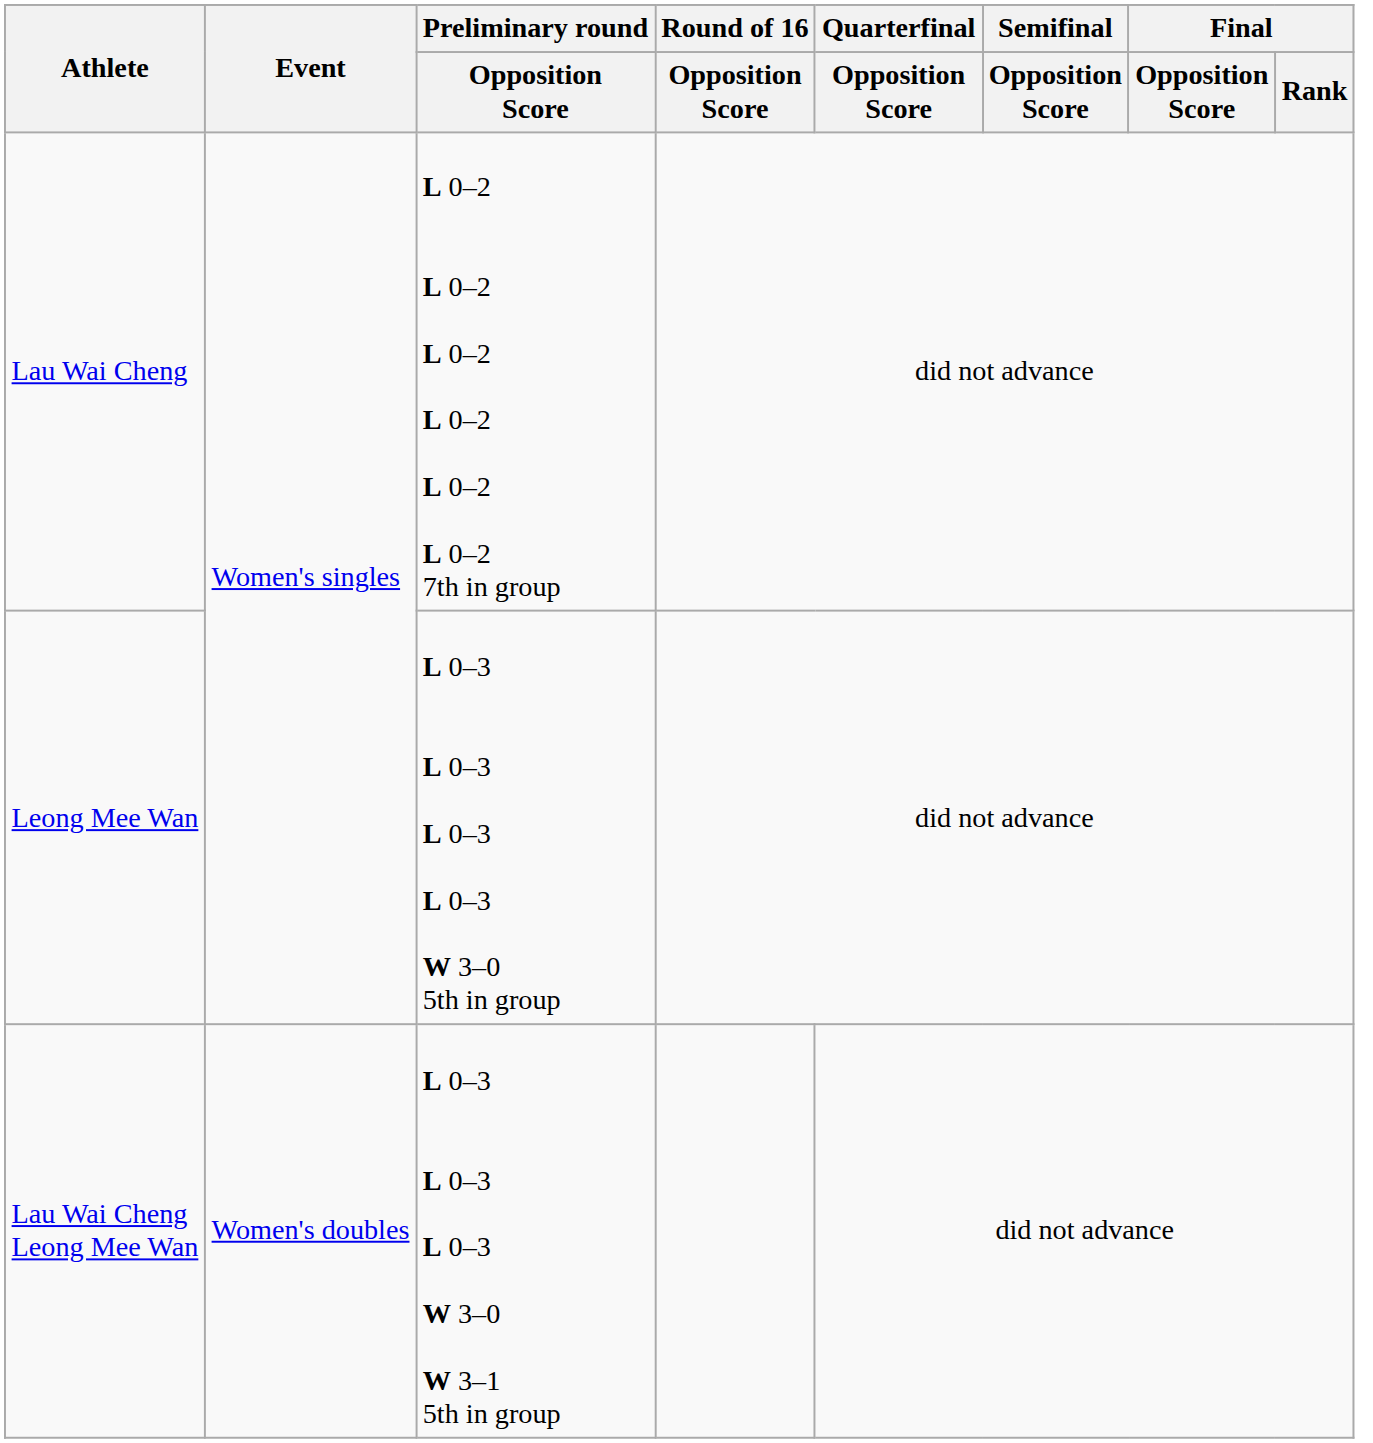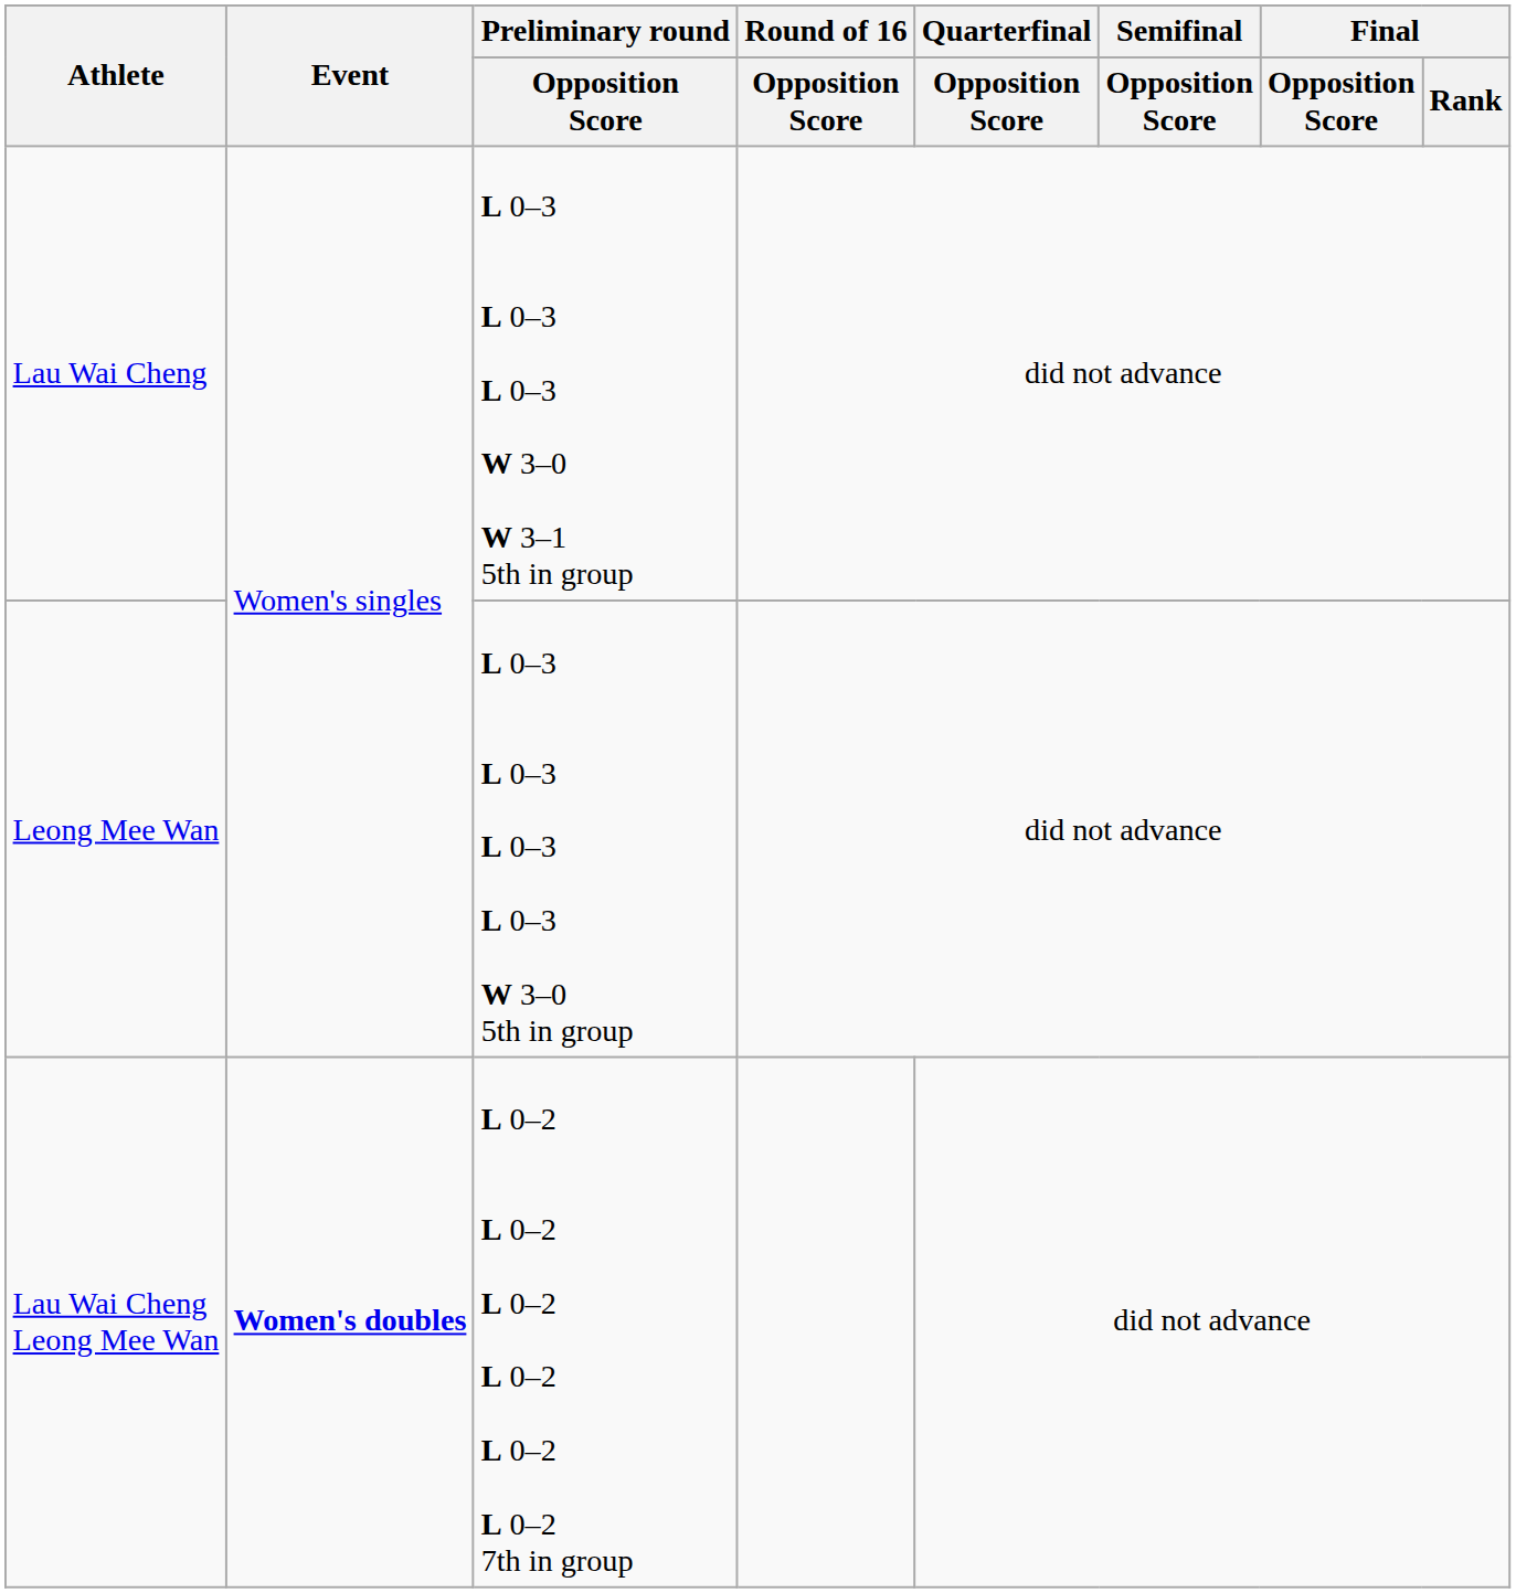 <table class=wikitable style="font-size:90%">
 <tr>
 <th rowspan=2>Athlete</th>
 <th rowspan=2>Event</th>
 <th>Preliminary round</th>
 <th>Round of 16</th>
 <th>Quarterfinal</th>
 <th>Semifinal</th>
 <th colspan=2>Final</th>
 </tr>
 <tr>
 <th>Opposition<br>Score</th>
 <th>Opposition<br>Score</th>
 <th>Opposition<br>Score</th>
 <th>Opposition<br>Score</th>
 <th>Opposition<br>Score</th>
 <th>Rank</th>
 </tr>
 <tr>
 <td><a href='#'>Lau Wai Cheng</a></td>
 <td rowspan=2><a href='#'>Women's singles</a></td>
-<td><br><strong>L</strong> 0–2<br><br><br><strong>L</strong> 0–2<br> <br><strong>L</strong> 0–2<br> <br><strong>L</strong> 0–2<br> <br><strong>L</strong> 0–2<br> <br><strong>L</strong> 0–2<br> 7th in group</td>
+<td><br><strong>L</strong> 0–3<br><br><br><strong>L</strong> 0–3<br> <br><strong>L</strong> 0–3<br> <br><strong>W</strong> 3–0<br> <br><strong>W</strong> 3–1<br>5th in group</td>
 <td align=center colspan=5>did not advance</td>
 </tr>
 <tr>
 <td><a href='#'>Leong Mee Wan</a></td>
 <td><br><strong>L</strong> 0–3<br><br><br><strong>L</strong> 0–3<br> <br><strong>L</strong> 0–3<br> <br><strong>L</strong> 0–3<br> <br><strong>W</strong> 3–0<br>5th in group</td>
 <td align=center colspan=5>did not advance</td>
 </tr>
 <tr>
 <td><a href='#'>Lau Wai Cheng</a><br><a href='#'>Leong Mee Wan</a></td>
-<td><a href='#'>Women's doubles</a></td>
-<td><br><strong>L</strong> 0–3<br><br><br><strong>L</strong> 0–3<br> <br><strong>L</strong> 0–3<br> <br><strong>W</strong> 3–0<br> <br><strong>W</strong> 3–1<br>5th in group</td>
+<td><strong><a href='#'>Women's doubles</a></strong></td>
+<td><br><strong>L</strong> 0–2<br><br><br><strong>L</strong> 0–2<br> <br><strong>L</strong> 0–2<br> <br><strong>L</strong> 0–2<br> <br><strong>L</strong> 0–2<br> <br><strong>L</strong> 0–2<br> 7th in group</td>
 <td></td>
 <td align=center colspan=4>did not advance</td>
 </tr>
 </table>
